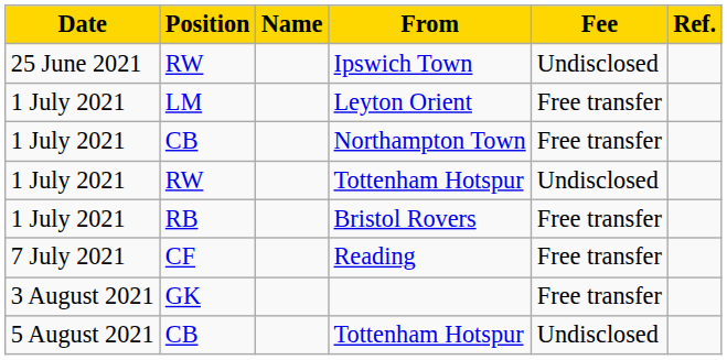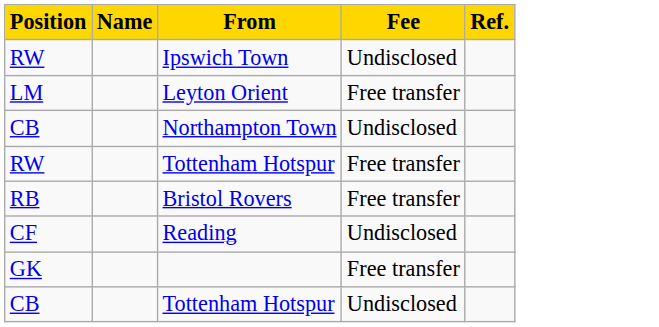 <table class="wikitable plainrowheaders sortable">
 <tr>
-<th style="background-color:#ffd700; color:#000000; ">Date</th>
 <th style="background-color:#ffd700; color:#000000; ">Position</th>
 <th style="background-color:#ffd700; color:#000000; ">Name</th>
 <th style="background-color:#ffd700; color:#000000; ">From</th>
 <th style="background-color:#ffd700; color:#000000; ">Fee</th>
 <th style="background-color:#ffd700; color:#000000; ">Ref.</th>
 </tr>
 <tr>
-<td>25 June 2021</td>
 <td><a href='#'>RW</a></td>
 <td></td>
 <td><a href='#'>Ipswich Town</a></td>
 <td>Undisclosed</td>
 <td></td>
 </tr>
 <tr>
-<td>1 July 2021</td>
 <td><a href='#'>LM</a></td>
 <td></td>
 <td><a href='#'>Leyton Orient</a></td>
 <td>Free transfer</td>
 <td></td>
 </tr>
 <tr>
-<td>1 July 2021</td>
 <td><a href='#'>CB</a></td>
 <td></td>
 <td><a href='#'>Northampton Town</a></td>
+<td>Undisclosed</td>
+<td></td>
+</tr>
+<tr>
+<td><a href='#'>RW</a></td>
+<td></td>
+<td><a href='#'>Tottenham Hotspur</a></td>
 <td>Free transfer</td>
 <td></td>
 </tr>
 <tr>
-<td>1 July 2021</td>
-<td><a href='#'>RW</a></td>
-<td></td>
-<td><a href='#'>Tottenham Hotspur</a></td>
-<td>Undisclosed</td>
-<td></td>
-</tr>
-<tr>
-<td>1 July 2021</td>
 <td><a href='#'>RB</a></td>
 <td></td>
 <td><a href='#'>Bristol Rovers</a></td>
 <td>Free transfer</td>
 <td></td>
 </tr>
 <tr>
-<td>7 July 2021</td>
 <td><a href='#'>CF</a></td>
 <td></td>
 <td><a href='#'>Reading</a></td>
-<td>Free transfer</td>
+<td>Undisclosed</td>
 <td></td>
 </tr>
 <tr>
-<td>3 August 2021</td>
 <td><a href='#'>GK</a></td>
 <td></td>
 <td></td>
 <td>Free transfer</td>
 <td></td>
 </tr>
 <tr>
-<td>5 August 2021</td>
 <td><a href='#'>CB</a></td>
 <td></td>
 <td><a href='#'>Tottenham Hotspur</a></td>
 <td>Undisclosed</td>
 <td></td>
 </tr>
 </table>
